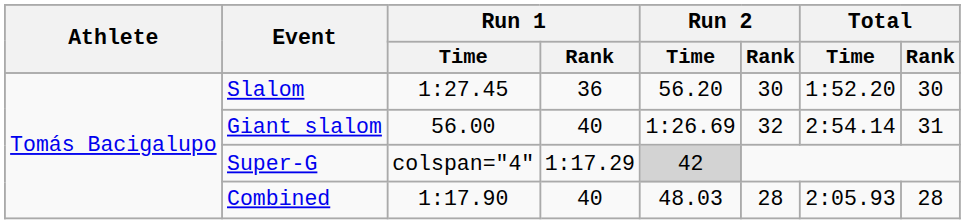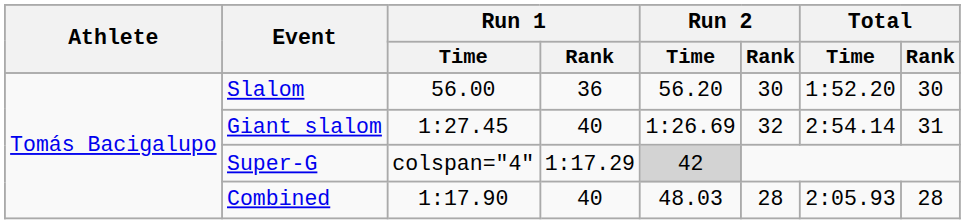 <table class="wikitable" style="font-size:90%">
 <tr>
 <th rowspan=2>Athlete</th>
 <th rowspan=2>Event</th>
 <th colspan=2>Run 1</th>
 <th colspan=2>Run 2</th>
 <th colspan=2>Total</th>
 </tr>
 <tr style="font-size:95%">
 <th>Time</th>
 <th>Rank</th>
 <th>Time</th>
 <th>Rank</th>
 <th>Time</th>
 <th>Rank</th>
 </tr>
 <tr align=center>
 <td align="left" rowspan="4"><a href='#'>Tomás Bacigalupo</a></td>
 <td align="left"><a href='#'>Slalom</a></td>
-<td>1:27.45</td>
+<td>56.00</td>
 <td>36</td>
 <td>56.20</td>
 <td>30</td>
 <td>1:52.20</td>
 <td>30</td>
 </tr>
 <tr align=center>
 <td align="left"><a href='#'>Giant slalom</a></td>
-<td>56.00</td>
+<td>1:27.45</td>
 <td>40</td>
 <td>1:26.69</td>
 <td>32</td>
 <td>2:54.14</td>
 <td>31</td>
 </tr>
 <tr align=center>
 <td align="left"><a href='#'>Super-G</a></td>
 <td>colspan="4" </td>
 <td>1:17.29</td>
 <td style="background: lightgrey;">42</td>
 </tr>
 <tr align=center>
 <td align="left"><a href='#'>Combined</a></td>
 <td>1:17.90</td>
 <td>40</td>
 <td>48.03</td>
 <td>28</td>
 <td>2:05.93</td>
 <td>28</td>
 </tr>
 </table>
